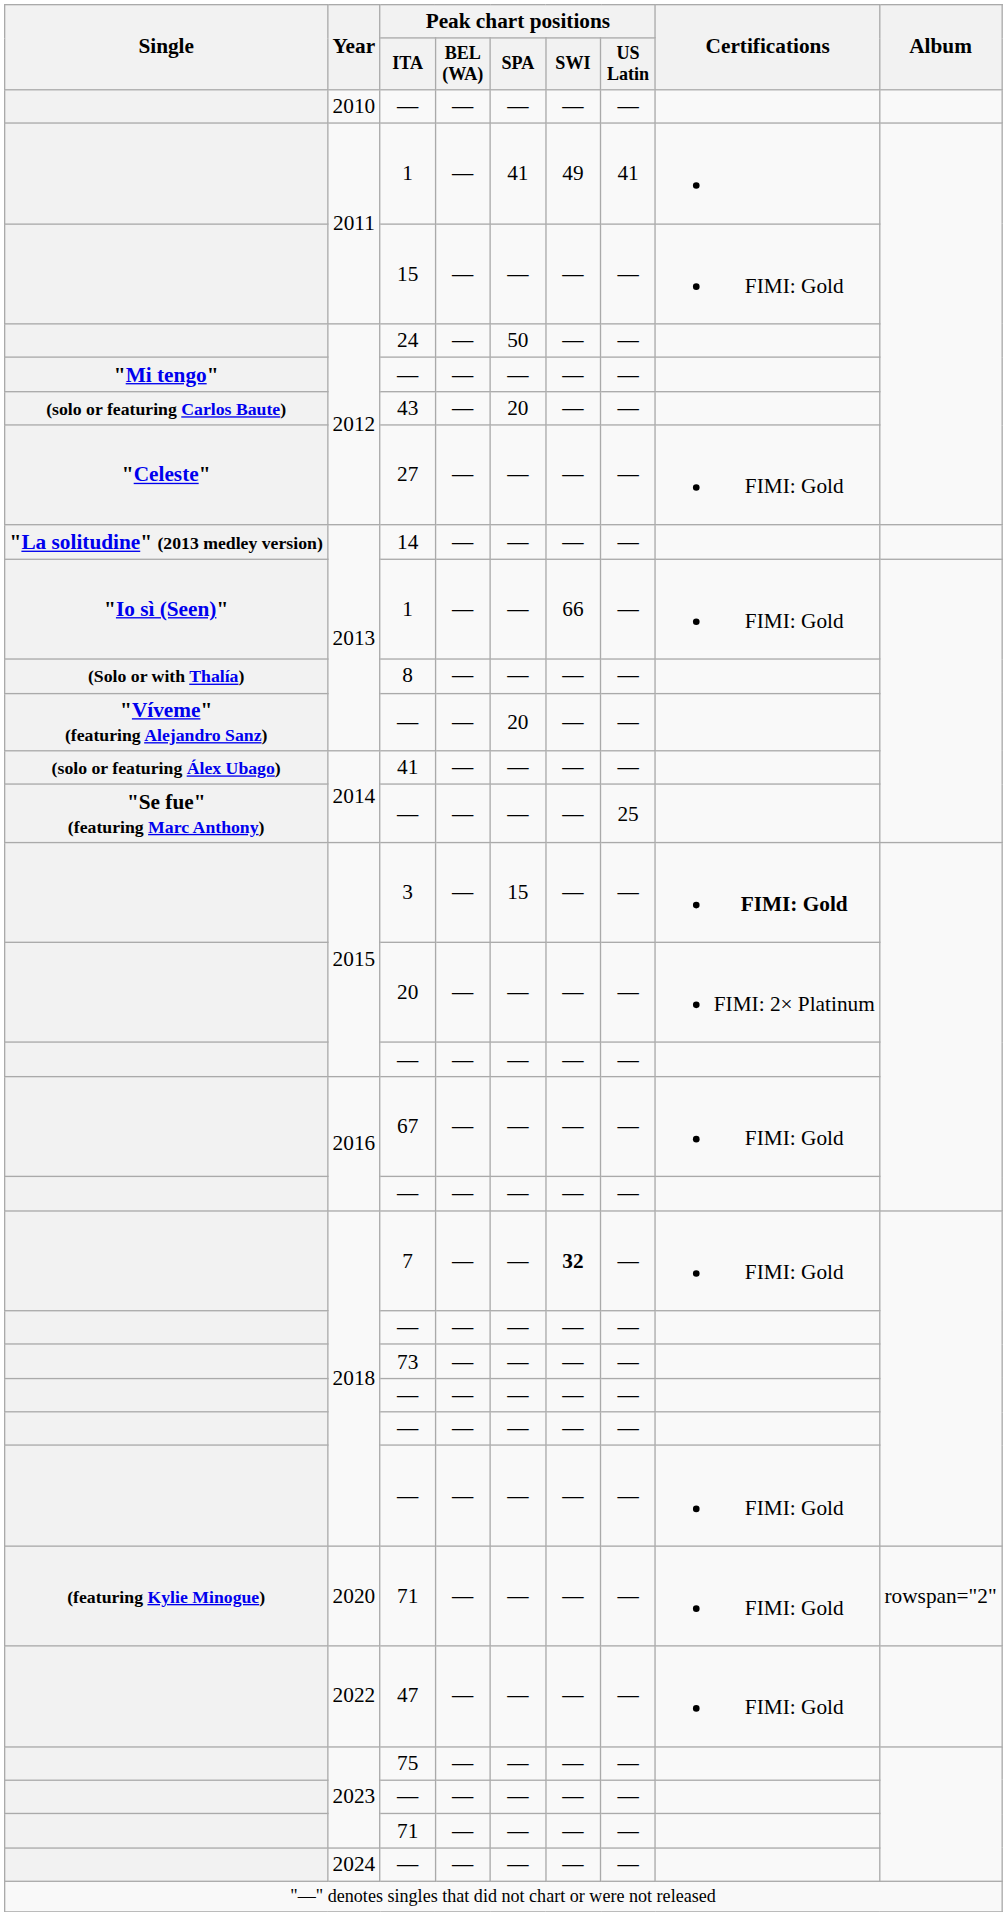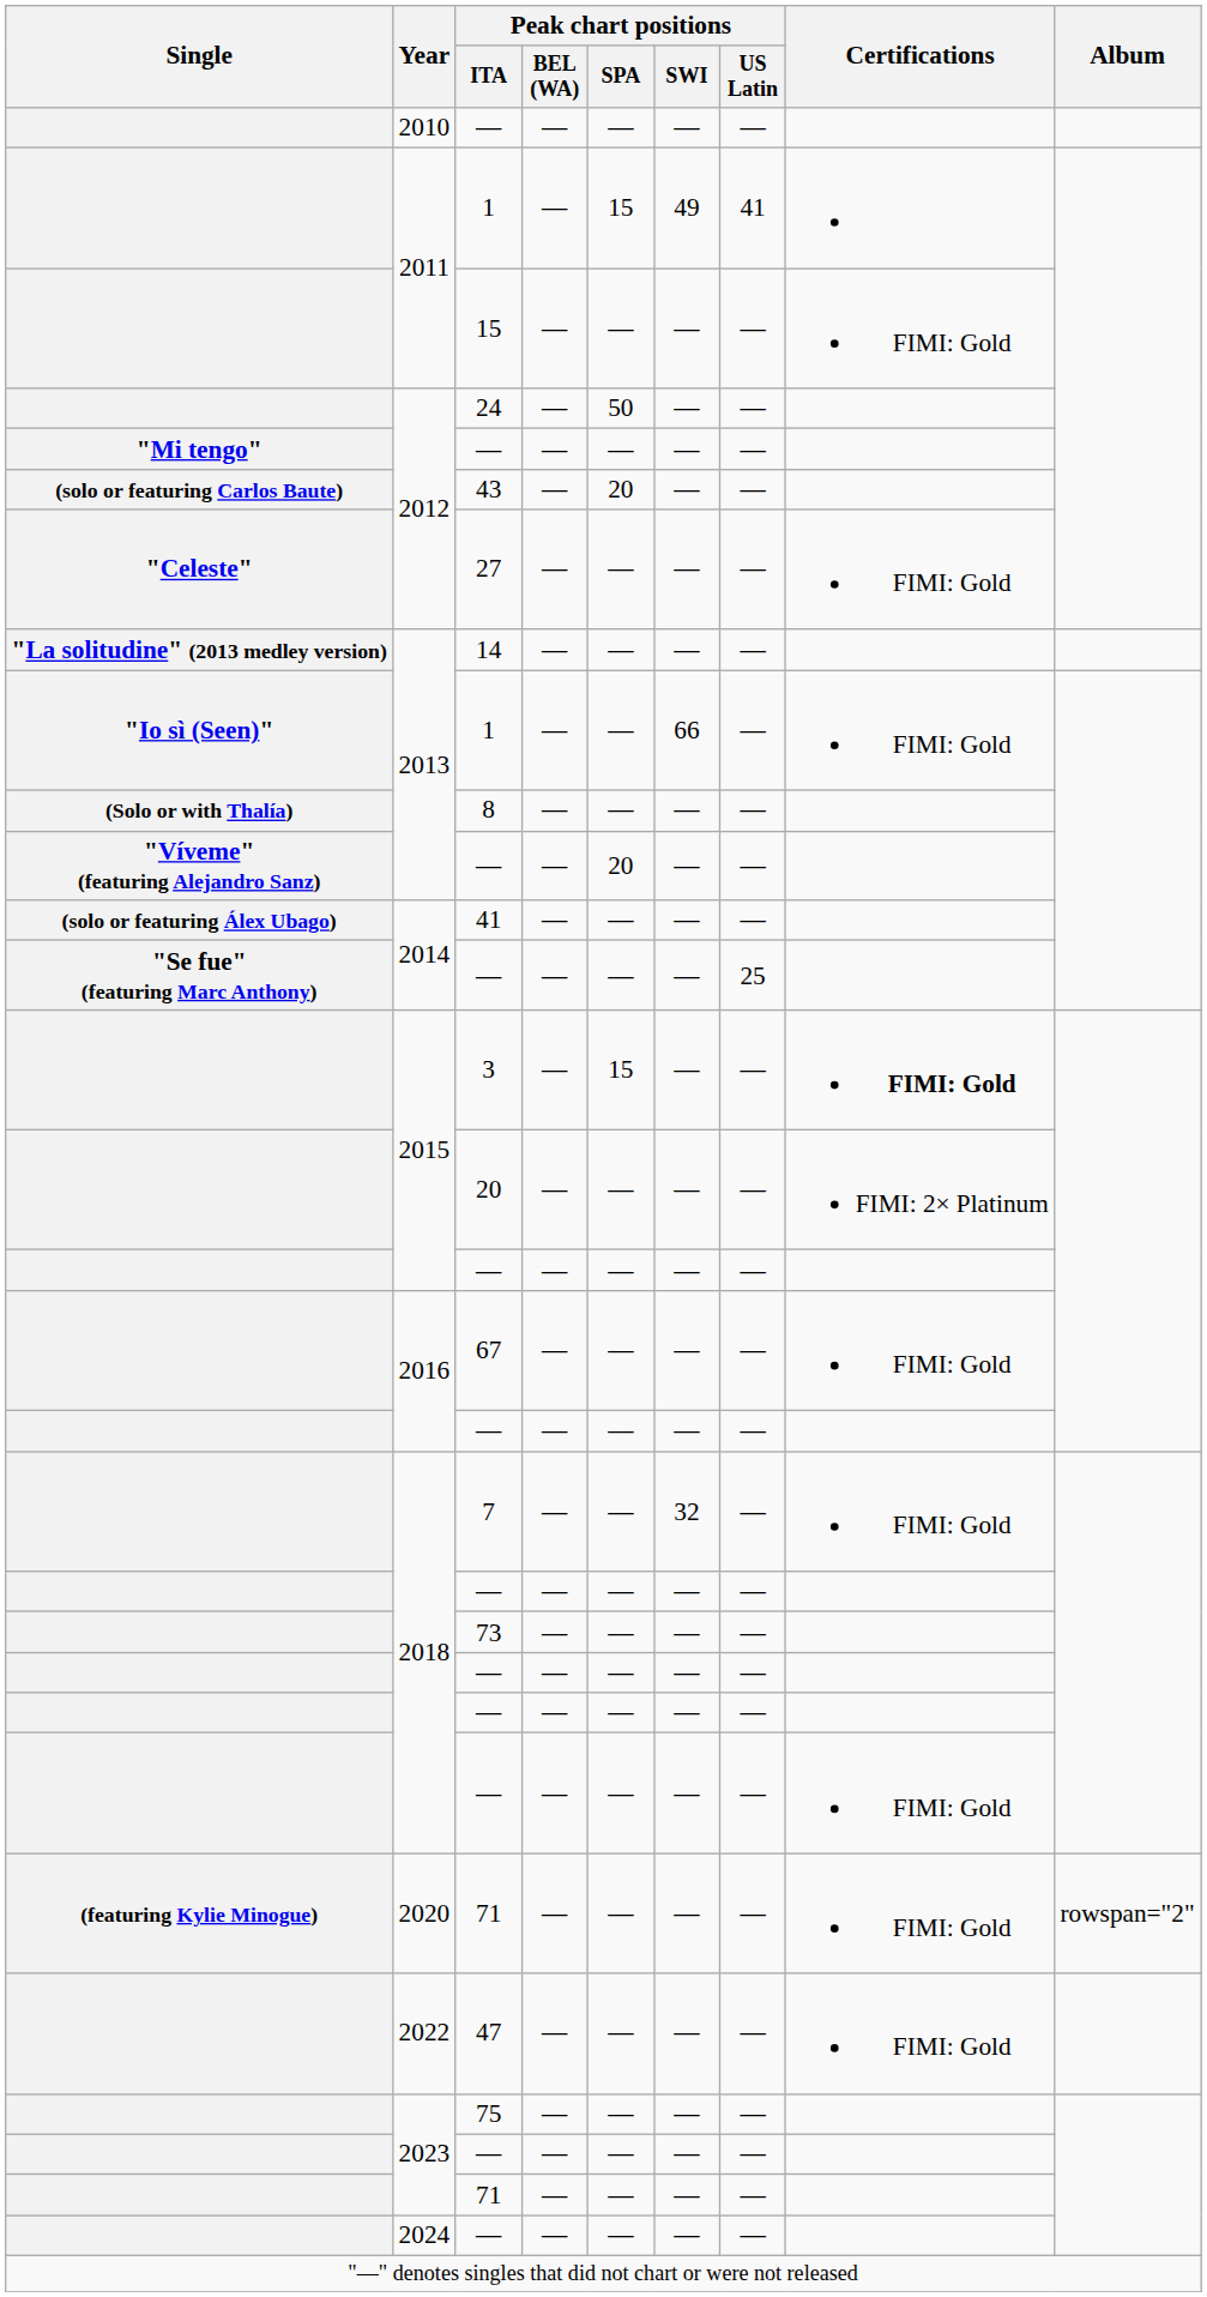 <table class="wikitable plainrowheaders" style="text-align:center;">
 <tr>
 <th scope="col" rowspan="2">Single</th>
 <th scope="col" rowspan="2">Year</th>
 <th scope="col" colspan="5">Peak chart positions</th>
 <th scope="col" rowspan="2">Certifications</th>
 <th scope="col" rowspan="2">Album</th>
 </tr>
 <tr>
 <th scope="col" style="width:35px;font-size:85%;">ITA<br></th>
 <th scope="col" style="width:35px;font-size:85%;">BEL<br>(WA)<br></th>
 <th scope="col" style="width:35px;font-size:85%;">SPA<br></th>
 <th scope="col" style="width:35px;font-size:85%;">SWI<br></th>
 <th scope="col" style="width:35px;font-size:85%;">US<br>Latin<br></th>
 </tr>
 <tr>
 <th scope="row"></th>
 <td>2010</td>
 <td>—</td>
 <td>—</td>
 <td>—</td>
 <td>—</td>
 <td>—</td>
 <td></td>
 <td></td>
 </tr>
 <tr>
 <th scope="row"></th>
 <td rowspan="2">2011</td>
 <td>1</td>
 <td>—</td>
-<td>41</td>
+<td>15</td>
 <td>49</td>
 <td>41</td>
 <td><br><ul><li></li></ul></td>
 <td rowspan="6"></td>
 </tr>
 <tr>
 <th scope="row"></th>
 <td>15</td>
 <td>—</td>
 <td>—</td>
 <td>—</td>
 <td>—</td>
 <td><br><ul><li>FIMI: Gold</li></ul></td>
 </tr>
 <tr>
 <th scope="row"></th>
 <td rowspan="4">2012</td>
 <td>24</td>
 <td>—</td>
 <td>50</td>
 <td>—</td>
 <td>—</td>
 <td></td>
 </tr>
 <tr>
 <th scope="row">"<a href='#'>Mi tengo</a>"</th>
 <td>—</td>
 <td>—</td>
 <td>—</td>
 <td>—</td>
 <td>—</td>
 <td></td>
 </tr>
 <tr>
 <th scope="row"><small>(solo or featuring <a href='#'>Carlos Baute</a>)</small></th>
 <td>43</td>
 <td>—</td>
 <td>20</td>
 <td>—</td>
 <td>—</td>
 <td></td>
 </tr>
 <tr>
 <th scope="row">"<a href='#'>Celeste</a>"</th>
 <td>27</td>
 <td>—</td>
 <td>—</td>
 <td>—</td>
 <td>—</td>
 <td><br><ul><li>FIMI: Gold</li></ul></td>
 </tr>
 <tr>
 <th scope="row">"<a href='#'>La solitudine</a>" <small>(2013 medley version)</small></th>
 <td rowspan="4">2013</td>
 <td>14</td>
 <td>—</td>
 <td>—</td>
 <td>—</td>
 <td>—</td>
 <td></td>
 <td></td>
 </tr>
 <tr>
 <th scope="row">"<a href='#'>Io sì (Seen)</a>"</th>
 <td>1</td>
 <td>—</td>
 <td>—</td>
 <td>66</td>
 <td>—</td>
 <td><br><ul><li>FIMI: Gold</li></ul></td>
 <td rowspan="5"></td>
 </tr>
 <tr>
 <th scope="row"><small>(Solo or with <a href='#'>Thalía</a>)</small></th>
 <td>8</td>
 <td>—</td>
 <td>—</td>
 <td>—</td>
 <td>—</td>
 <td></td>
 </tr>
 <tr>
 <th scope="row">"<a href='#'>Víveme</a>"<br><small>(featuring <a href='#'>Alejandro Sanz</a>)</small></th>
 <td>—</td>
 <td>—</td>
 <td>20</td>
 <td>—</td>
 <td>—</td>
 <td></td>
 </tr>
 <tr>
 <th scope="row"><small>(solo or featuring <a href='#'>Álex Ubago</a>)</small></th>
 <td rowspan="2">2014</td>
 <td>41</td>
 <td>—</td>
 <td>—</td>
 <td>—</td>
 <td>—</td>
 <td></td>
 </tr>
 <tr>
 <th scope="row">"Se fue"<br><small>(featuring <a href='#'>Marc Anthony</a>)</small></th>
 <td>—</td>
 <td>—</td>
 <td>—</td>
 <td>—</td>
 <td>25</td>
 <td></td>
 </tr>
 <tr>
 <th scope="row"></th>
 <td rowspan="3">2015</td>
 <td>3</td>
 <td>—</td>
 <td>15</td>
 <td>—</td>
 <td>—</td>
 <td><strong><br><ul><li>FIMI: Gold</li></ul></strong></td>
 <td rowspan="5"></td>
 </tr>
 <tr>
 <th scope="row"></th>
 <td>20</td>
 <td>—</td>
 <td>—</td>
 <td>—</td>
 <td>—</td>
 <td><br><ul><li>FIMI: 2× Platinum</li></ul></td>
 </tr>
 <tr>
 <th scope="row"></th>
 <td>—</td>
 <td>—</td>
 <td>—</td>
 <td>—</td>
 <td>—</td>
 <td></td>
 </tr>
 <tr>
 <th scope="row"></th>
 <td rowspan="2">2016</td>
 <td>67</td>
 <td>—</td>
 <td>—</td>
 <td>—</td>
 <td>—</td>
 <td><br><ul><li>FIMI: Gold</li></ul></td>
 </tr>
 <tr>
 <th scope="row"></th>
 <td>—</td>
 <td>—</td>
 <td>—</td>
 <td>—</td>
 <td>—</td>
 <td></td>
 </tr>
 <tr>
 <th scope="row"></th>
 <td rowspan="6">2018</td>
 <td>7</td>
 <td>—</td>
 <td>—</td>
-<td><strong>32</strong></td>
+<td>32</td>
 <td>—</td>
 <td><br><ul><li>FIMI: Gold</li></ul></td>
 <td rowspan="6"></td>
 </tr>
 <tr>
 <th scope="row"></th>
 <td>—</td>
 <td>—</td>
 <td>—</td>
 <td>—</td>
 <td>—</td>
 <td></td>
 </tr>
 <tr>
 <th scope="row"></th>
 <td>73</td>
 <td>—</td>
 <td>—</td>
 <td>—</td>
 <td>—</td>
 <td></td>
 </tr>
 <tr>
 <th scope="row"></th>
 <td>—</td>
 <td>—</td>
 <td>—</td>
 <td>—</td>
 <td>—</td>
 <td></td>
 </tr>
 <tr>
 <th scope="row"></th>
 <td>—</td>
 <td>—</td>
 <td>—</td>
 <td>—</td>
 <td>—</td>
 <td></td>
 </tr>
 <tr>
 <th scope="row"></th>
 <td>—</td>
 <td>—</td>
 <td>—</td>
 <td>—</td>
 <td>—</td>
 <td><br><ul><li>FIMI: Gold</li></ul></td>
 </tr>
 <tr>
 <th scope="row"><small>(featuring <a href='#'>Kylie Minogue</a>)</small></th>
 <td>2020</td>
 <td>71</td>
 <td>—</td>
 <td>—</td>
 <td>—</td>
 <td>—</td>
 <td><br><ul><li>FIMI: Gold</li></ul></td>
 <td>rowspan="2" </td>
 </tr>
 <tr>
 <th scope="row"></th>
 <td>2022</td>
 <td>47</td>
 <td>—</td>
 <td>—</td>
 <td>—</td>
 <td>—</td>
 <td><br><ul><li>FIMI: Gold</li></ul></td>
 </tr>
 <tr>
 <th scope="row"></th>
 <td rowspan="3">2023</td>
 <td>75</td>
 <td>—</td>
 <td>—</td>
 <td>—</td>
 <td>—</td>
 <td></td>
 <td align="left" rowspan="4"></td>
 </tr>
 <tr>
 <th scope="row"></th>
 <td>—</td>
 <td>—</td>
 <td>—</td>
 <td>—</td>
 <td>—</td>
 </tr>
 <tr>
 <th scope="row"></th>
 <td>71</td>
 <td>—</td>
 <td>—</td>
 <td>—</td>
 <td>—</td>
 <td></td>
 </tr>
 <tr>
 <th scope="row"></th>
 <td>2024</td>
 <td>—</td>
 <td>—</td>
 <td>—</td>
 <td>—</td>
 <td>—</td>
 <td></td>
 </tr>
 <tr>
 <td align="center" colspan="10" style="font-size:85%">"—" denotes singles that did not chart or were not released</td>
 </tr>
 </table>
